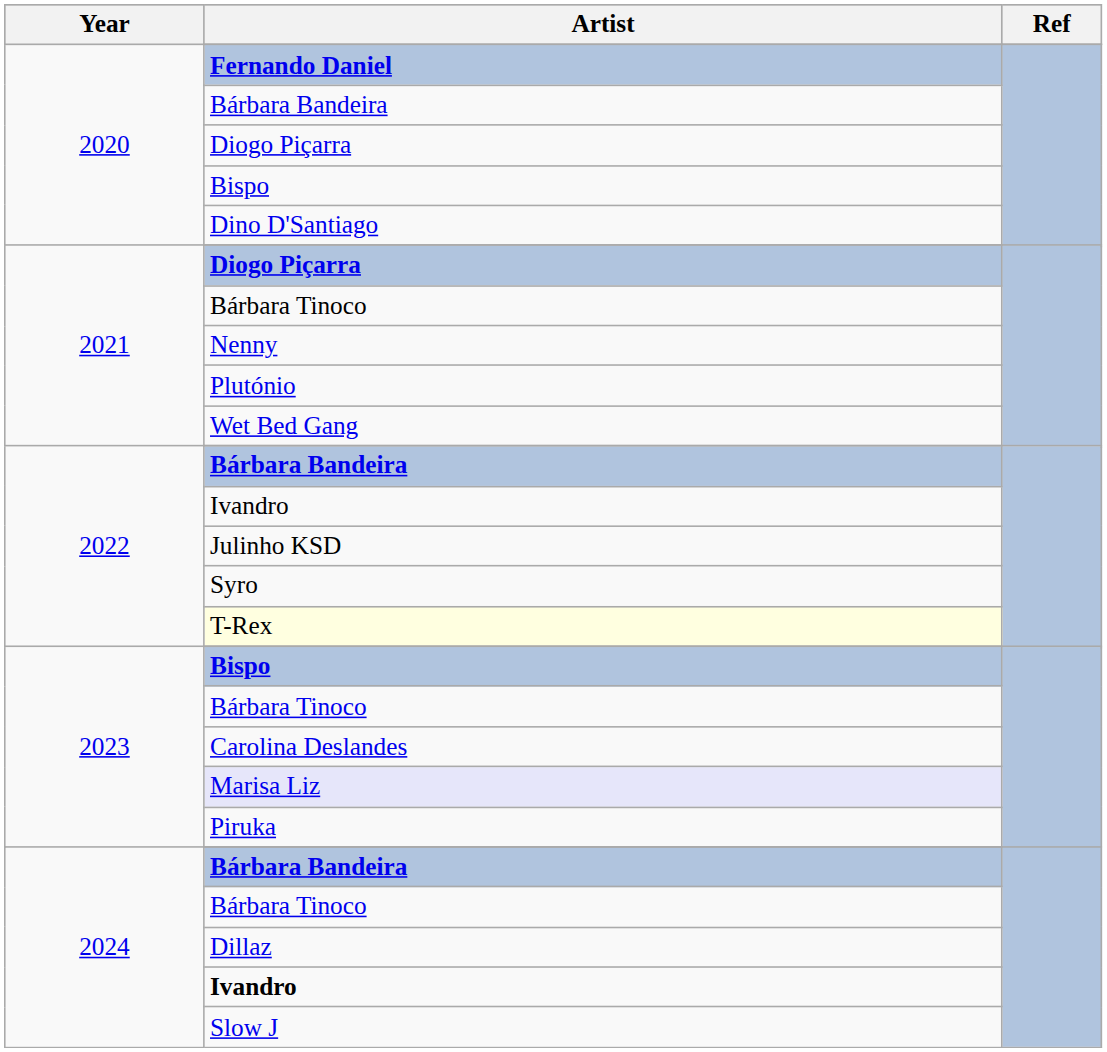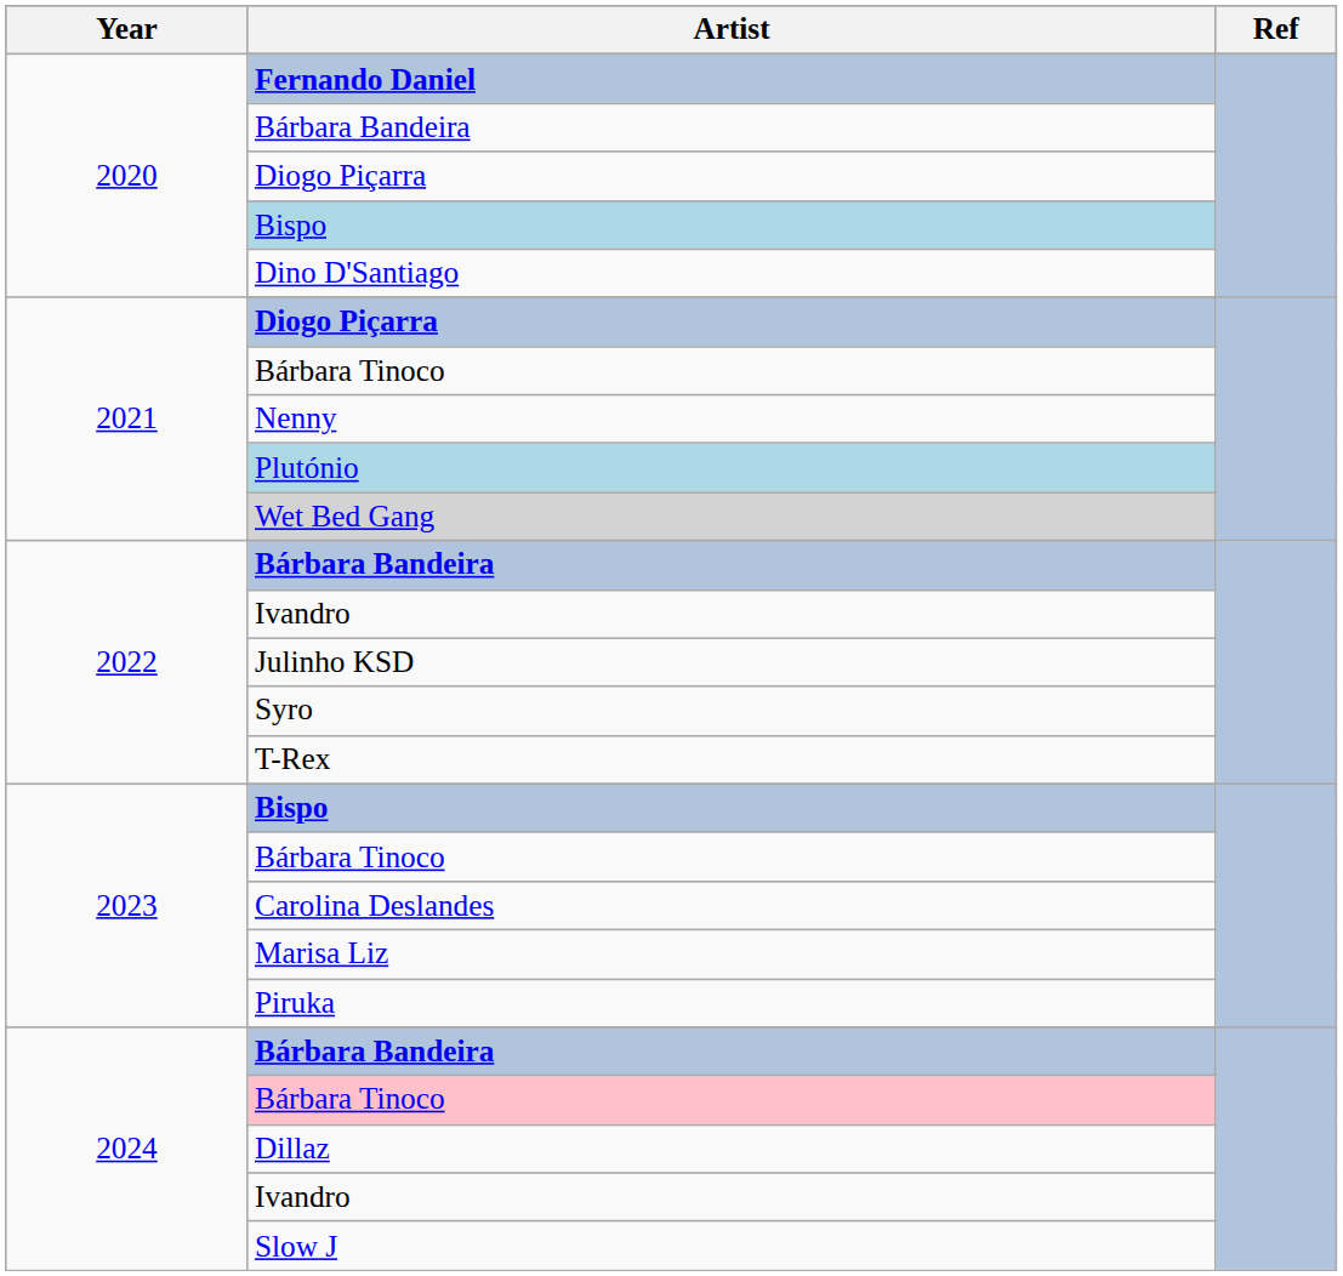 <table class="wikitable" style="width:55%;">
 <tr style="background:#bebebe;">
 <th style="width:10%;">Year</th>
 <th style="width:40%;">Artist</th>
 <th style="width:5%;">Ref</th>
 </tr>
 <tr>
 <td rowspan="6" align="center"><a href='#'>2020</a></td>
 </tr>
 <tr style="background:#B0C4DE">
 <td><strong><a href='#'>Fernando Daniel</a></strong></td>
 <td rowspan="6" align="center"></td>
 </tr>
 <tr>
 <td><a href='#'>Bárbara Bandeira</a></td>
 </tr>
 <tr>
 <td><a href='#'>Diogo Piçarra</a></td>
 </tr>
 <tr>
-<td><a href='#'>Bispo</a></td>
+<td style="background: lightblue;"><a href='#'>Bispo</a></td>
 </tr>
 <tr>
 <td><a href='#'>Dino D'Santiago</a></td>
 </tr>
 <tr>
 <td rowspan="6" align="center"><a href='#'>2021</a></td>
 </tr>
 <tr style="background:#B0C4DE">
 <td><strong><a href='#'>Diogo Piçarra</a></strong></td>
 <td rowspan="6" align="center"></td>
 </tr>
 <tr>
 <td>Bárbara Tinoco</td>
 </tr>
 <tr>
 <td><a href='#'>Nenny</a></td>
 </tr>
 <tr>
-<td><a href='#'>Plutónio</a></td>
+<td style="background: lightblue;"><a href='#'>Plutónio</a></td>
 </tr>
 <tr>
-<td><a href='#'>Wet Bed Gang</a></td>
+<td style="background: lightgrey;"><a href='#'>Wet Bed Gang</a></td>
 </tr>
 <tr>
 <td rowspan="6" align="center"><a href='#'>2022</a></td>
 </tr>
 <tr style="background:#B0C4DE">
 <td><strong><a href='#'>Bárbara Bandeira</a></strong></td>
 <td rowspan="6" align="center"></td>
 </tr>
 <tr>
 <td>Ivandro</td>
 </tr>
 <tr>
 <td>Julinho KSD</td>
 </tr>
 <tr>
 <td>Syro</td>
 </tr>
 <tr>
-<td style="background: lightyellow;">T-Rex</td>
+<td>T-Rex</td>
 </tr>
 <tr>
 <td rowspan="6" align="center"><a href='#'>2023</a></td>
 </tr>
 <tr style="background:#B0C4DE">
 <td><strong><a href='#'>Bispo</a></strong></td>
 <td rowspan="6" align="center"></td>
 </tr>
 <tr>
 <td><a href='#'>Bárbara Tinoco</a></td>
 </tr>
 <tr>
 <td><a href='#'>Carolina Deslandes</a></td>
 </tr>
 <tr>
-<td style="background: lavender;"><a href='#'>Marisa Liz</a></td>
+<td><a href='#'>Marisa Liz</a></td>
 </tr>
 <tr>
 <td><a href='#'>Piruka</a></td>
 </tr>
 <tr>
 <td rowspan="6" align="center"><a href='#'>2024</a></td>
 </tr>
 <tr style="background:#B0C4DE">
 <td><strong><a href='#'>Bárbara Bandeira</a></strong></td>
 <td rowspan="6" align="center"></td>
 </tr>
 <tr>
-<td><a href='#'>Bárbara Tinoco</a></td>
+<td style="background: pink;"><a href='#'>Bárbara Tinoco</a></td>
 </tr>
 <tr>
 <td><a href='#'>Dillaz</a></td>
 </tr>
 <tr>
-<td><strong>Ivandro</strong></td>
+<td>Ivandro</td>
 </tr>
 <tr>
 <td><a href='#'>Slow J</a></td>
 </tr>
 </table>
